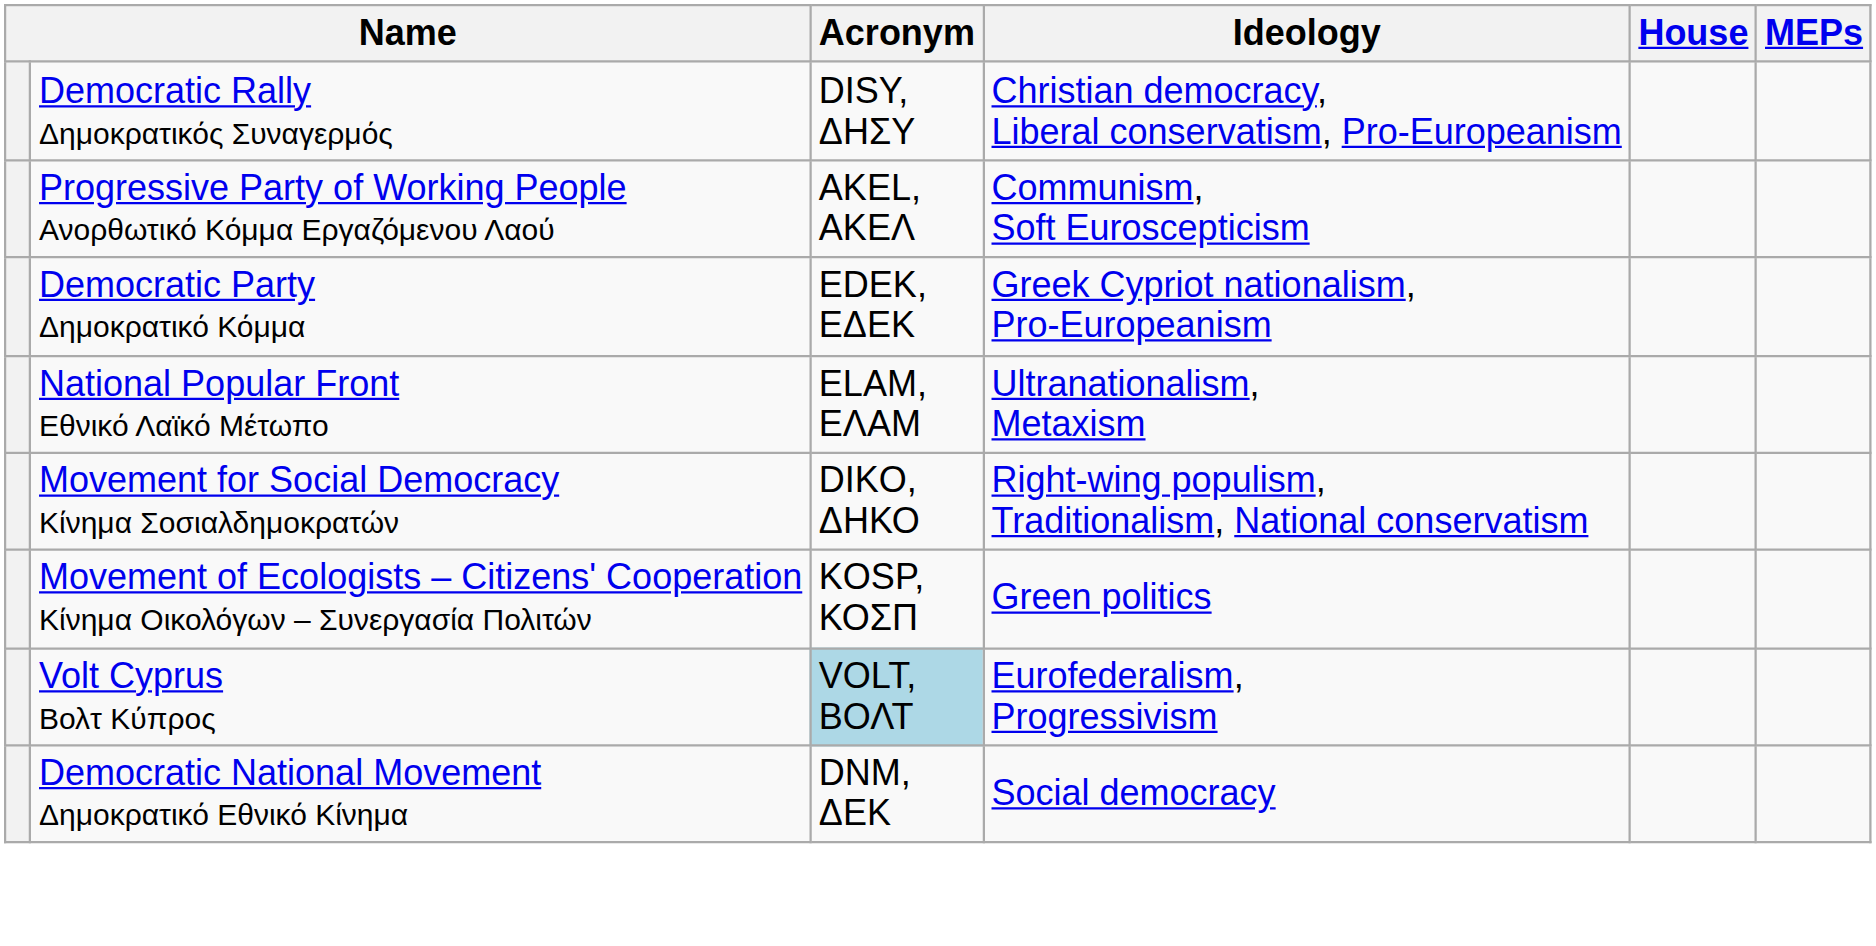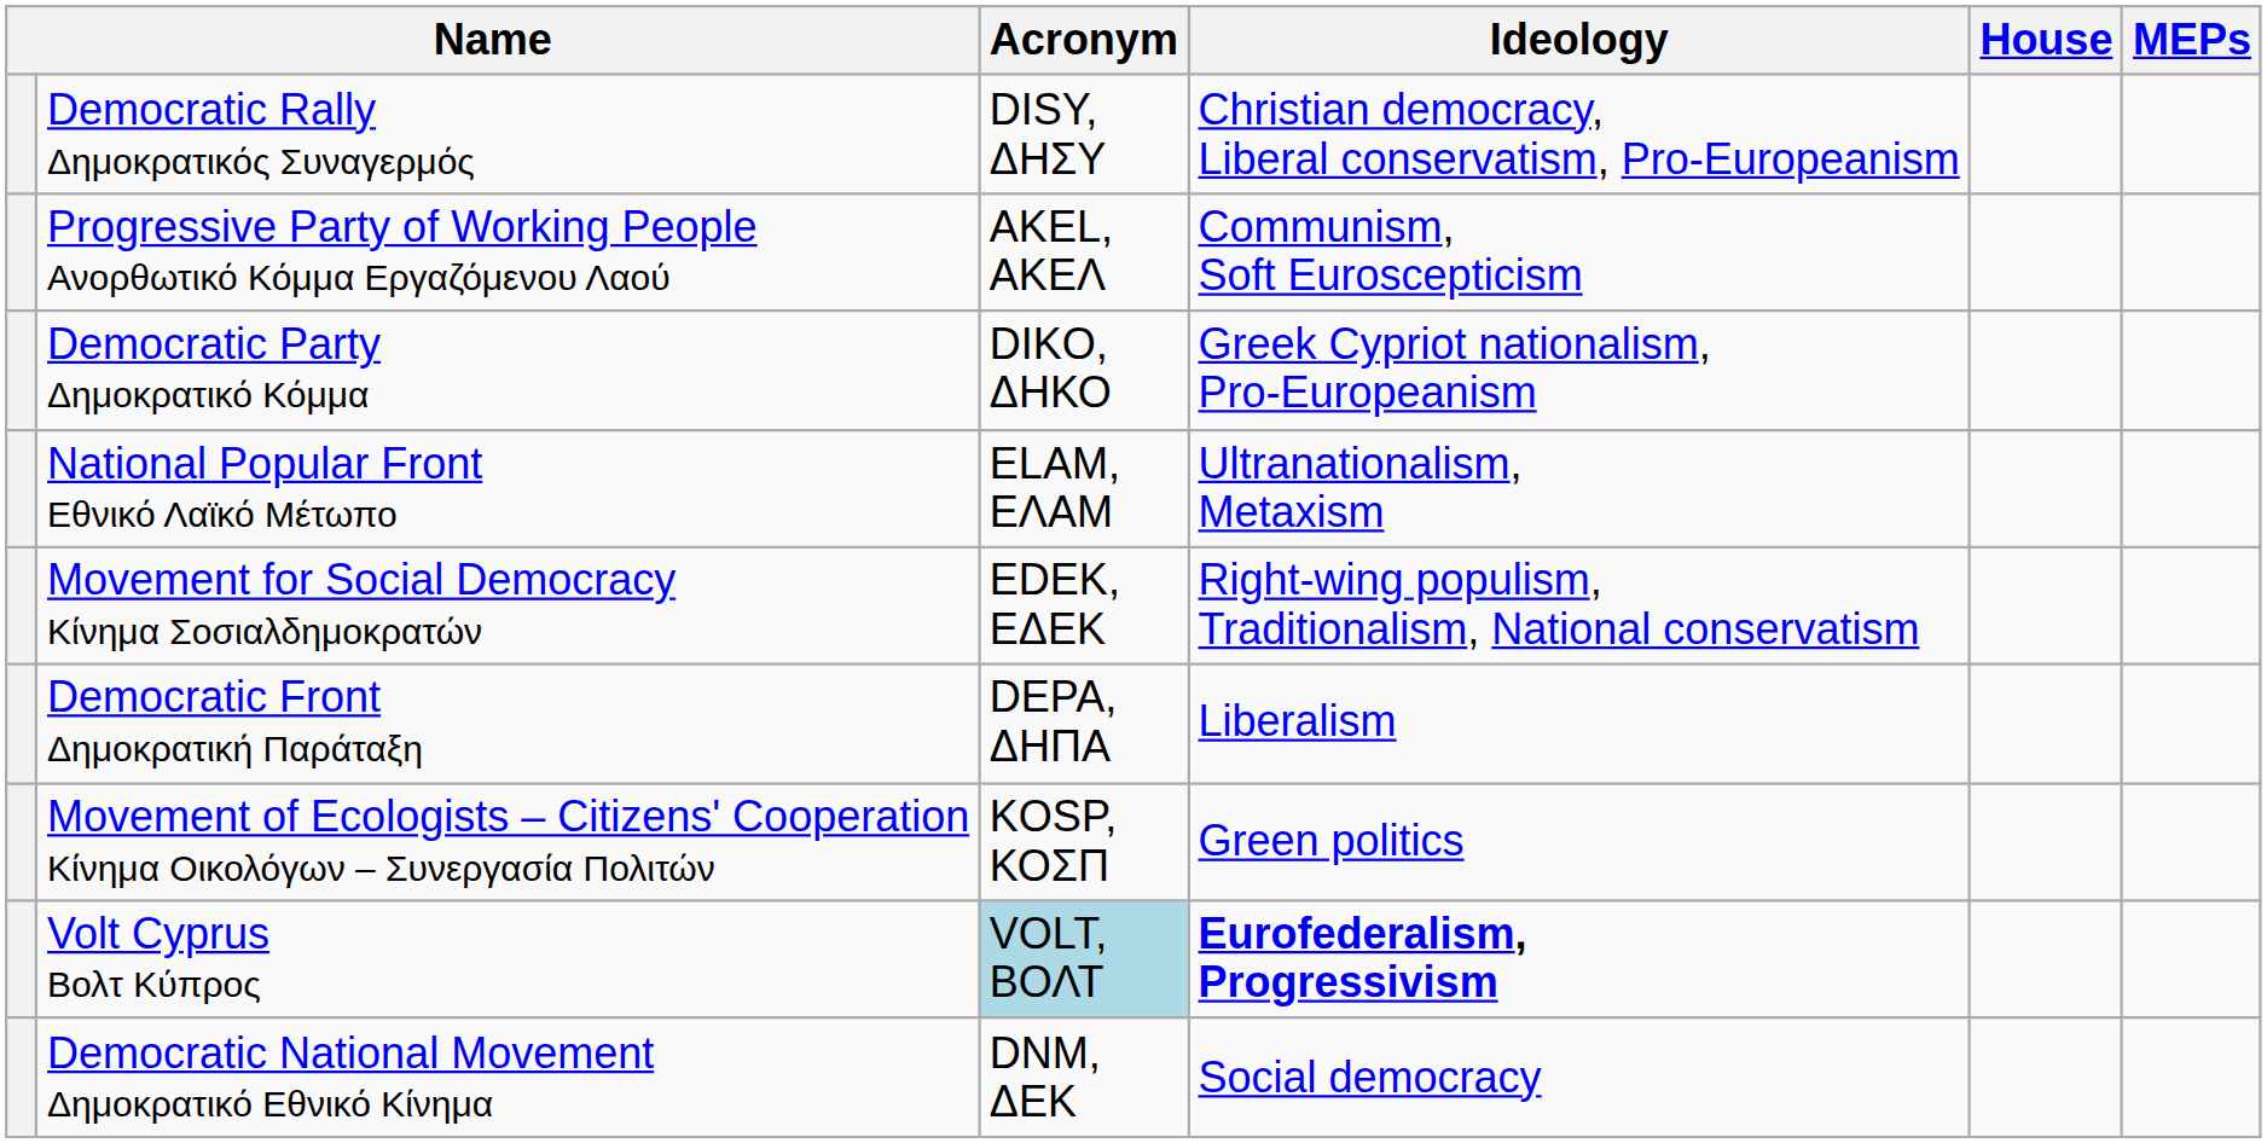 <table class="wikitable sortable">
 <tr>
 <th colspan=2>Name</th>
 <th>Acronym</th>
 <th>Ideology</th>
 <th><a href='#'>House</a></th>
 <th><a href='#'>MEPs</a></th>
 </tr>
 <tr>
 <th width=4px style="background-color: "></th>
 <td><a href='#'>Democratic Rally</a><br><small>Δημοκρατικός Συναγερμός</small></td>
 <td>DISY,  <br>ΔΗΣΥ</td>
 <td><a href='#'>Christian democracy</a>,<br><a href='#'>Liberal conservatism</a>, <a href='#'>Pro-Europeanism</a></td>
 <td></td>
 <td></td>
 </tr>
 <tr>
 <th style="background-color: "></th>
 <td><a href='#'>Progressive Party of Working People</a><br><small>Ανορθωτικό Κόμμα Εργαζόμενου Λαού</small></td>
 <td>AKEL,  <br>ΑΚΕΛ</td>
 <td><a href='#'>Communism</a>,<br><a href='#'>Soft Euroscepticism</a></td>
 <td></td>
 <td></td>
 </tr>
 <tr>
 <th style="background-color: "></th>
 <td><a href='#'>Democratic Party</a><br><small>Δημοκρατικό Κόμμα</small></td>
-<td>EDEK,   <br>ΕΔΕΚ</td>
+<td>DIKO,   <br>ΔΗΚΟ</td>
 <td><a href='#'>Greek Cypriot nationalism</a>,<br><a href='#'>Pro-Europeanism</a></td>
 <td></td>
 <td></td>
 </tr>
 <tr>
 <th style="background-color: "></th>
 <td><a href='#'>National Popular Front</a><br><small>Εθνικό Λαϊκό Μέτωπο</small></td>
 <td>ELAM,   <br>ΕΛΑΜ</td>
 <td><a href='#'>Ultranationalism</a>,<br><a href='#'>Metaxism</a></td>
 <td></td>
 <td></td>
 </tr>
 <tr>
 <th style="background-color: "></th>
 <td><a href='#'>Movement for Social Democracy</a><br><small>Κίνημα Σοσιαλδημοκρατών</small></td>
-<td>DIKO,   <br>ΔΗΚΟ</td>
+<td>EDEK,   <br>ΕΔΕΚ</td>
 <td><a href='#'>Right-wing populism</a>,<br><a href='#'>Traditionalism</a>,  <a href='#'>National conservatism</a></td>
+<td></td>
+<td></td>
+</tr>
+<tr>
+<th style="background-color: "></th>
+<td><a href='#'>Democratic Front</a><br><small>Δημοκρατική Παράταξη</small></td>
+<td>DEPA,  <br> ΔΗΠΑ</td>
+<td><a href='#'>Liberalism</a></td>
 <td></td>
 <td></td>
 </tr>
 <tr>
 <th style="background-color: "></th>
 <td><a href='#'>Movement of Ecologists – Citizens' Cooperation</a><br><small>Κίνημα Οικολόγων – Συνεργασία Πολιτών</small></td>
 <td>KOSP,   <br>ΚΟΣΠ</td>
 <td><a href='#'>Green politics</a></td>
 <td></td>
 <td></td>
 </tr>
 <tr>
 <th style="background-color: "></th>
 <td><a href='#'>Volt Cyprus</a><br><small>Βολτ Κύπρος</small></td>
 <td style="background: lightblue;">VOLT,   <br>ΒΟΛΤ</td>
-<td><a href='#'>Eurofederalism</a>,<br><a href='#'>Progressivism</a></td>
+<td><strong><a href='#'>Eurofederalism</a>,<br><a href='#'>Progressivism</a></strong></td>
 <td></td>
 <td></td>
 </tr>
 <tr>
 <th style="background-color: "></th>
 <td><a href='#'>Democratic National Movement</a><br><small>Δημοκρατικό Εθνικό Κίνημα</small></td>
 <td>DNM,   <br>ΔΕΚ</td>
 <td><a href='#'>Social democracy</a></td>
 <td></td>
 <td></td>
 </tr>
 </table>
